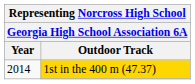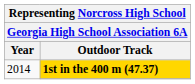 <table class="wikitable sortable">
 <tr>
 <th colspan="7">Representing <a href='#'>Norcross High School</a></th>
 </tr>
 <tr>
 <th colspan="7"><a href='#'>Georgia High School Association 6A</a></th>
 </tr>
 <tr>
 <th>Year</th>
 <th>Outdoor Track</th>
 </tr>
 <tr>
 <td Rowspan=3>2014</td>
-<td bgcolor=gold>1st in the 400 m (47.37)</td>
+<td bgcolor=gold><strong>1st in the 400 m (47.37)</strong></td>
 </tr>
 <tr>
 </tr>
 </table>
